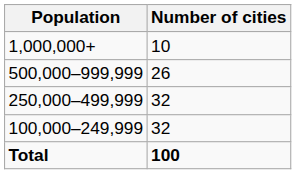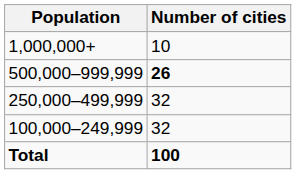 <table class="wikitable">
 <tr>
 <th>Population</th>
 <th>Number of cities</th>
 </tr>
 <tr>
 <td>1,000,000+</td>
 <td>10</td>
 </tr>
 <tr>
 <td>500,000–999,999</td>
-<td>26</td>
+<td><strong>26</strong></td>
 </tr>
 <tr>
 <td>250,000–499,999</td>
 <td>32</td>
 </tr>
 <tr>
 <td>100,000–249,999</td>
 <td>32</td>
 </tr>
 <tr>
 <td><strong>Total</strong></td>
 <td><strong>100</strong></td>
 </tr>
 </table>
